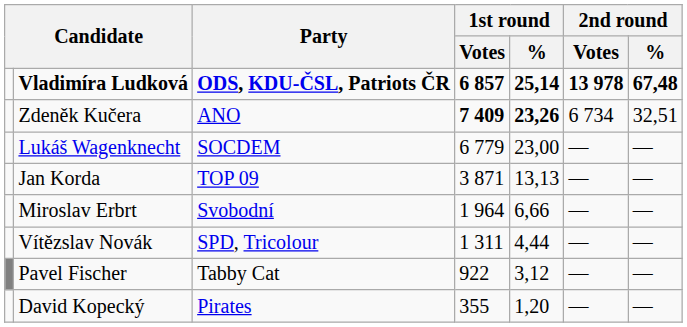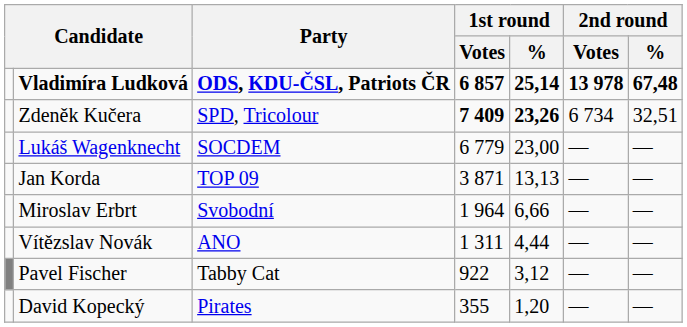 <table class="wikitable sortable">
 <tr>
 <th colspan="2" rowspan="2">Candidate</th>
 <th rowspan="2">Party</th>
 <th colspan="2">1st round</th>
 <th colspan="2">2nd round</th>
 </tr>
 <tr>
 <th>Votes</th>
 <th>%</th>
 <th>Votes</th>
 <th>%</th>
 </tr>
 <tr>
 <td style="background-color:"></td>
 <td><strong>Vladimíra Ludková</strong></td>
 <td><a href='#'><strong>ODS</strong></a><strong>, <a href='#'>KDU-ČSL</a>, Patriots ČR</strong></td>
 <td><strong>6 857</strong></td>
 <td><strong>25,14</strong></td>
 <td><strong>13 978</strong></td>
 <td><strong>67,48</strong></td>
 </tr>
 <tr>
 <td style="background-color:"></td>
 <td>Zdeněk Kučera</td>
-<td><a href='#'>ANO</a></td>
+<td><a href='#'>SPD</a>, <a href='#'>Tricolour</a></td>
 <td><strong>7 409</strong></td>
 <td><strong>23,26</strong></td>
 <td>6 734</td>
 <td>32,51</td>
 </tr>
 <tr>
 <td style="background-color:"></td>
 <td><a href='#'>Lukáš Wagenknecht</a></td>
 <td><a href='#'>SOCDEM</a></td>
 <td>6 779</td>
 <td>23,00</td>
 <td>—</td>
 <td>—</td>
 </tr>
 <tr>
 <td style="background-color:"></td>
 <td>Jan Korda</td>
 <td><a href='#'>TOP 09</a></td>
 <td>3 871</td>
 <td>13,13</td>
 <td>—</td>
 <td>—</td>
 </tr>
 <tr>
 <td style="background-color:"></td>
 <td>Miroslav Erbrt</td>
 <td><a href='#'>Svobodní</a></td>
 <td>1 964</td>
 <td>6,66</td>
 <td>—</td>
 <td>—</td>
 </tr>
 <tr>
 <td style="background-color:"></td>
 <td>Vítězslav Novák</td>
-<td><a href='#'>SPD</a>, <a href='#'>Tricolour</a></td>
+<td><a href='#'>ANO</a></td>
 <td>1 311</td>
 <td>4,44</td>
 <td>—</td>
 <td>—</td>
 </tr>
 <tr>
 <td style="background-color:grey"></td>
 <td>Pavel Fischer</td>
 <td>Tabby Cat</td>
 <td>922</td>
 <td>3,12</td>
 <td>—</td>
 <td>—</td>
 </tr>
 <tr>
 <td style="background-color:"></td>
 <td>David Kopecký</td>
 <td><a href='#'>Pirates</a></td>
 <td>355</td>
 <td>1,20</td>
 <td>—</td>
 <td>—</td>
 </tr>
 </table>
